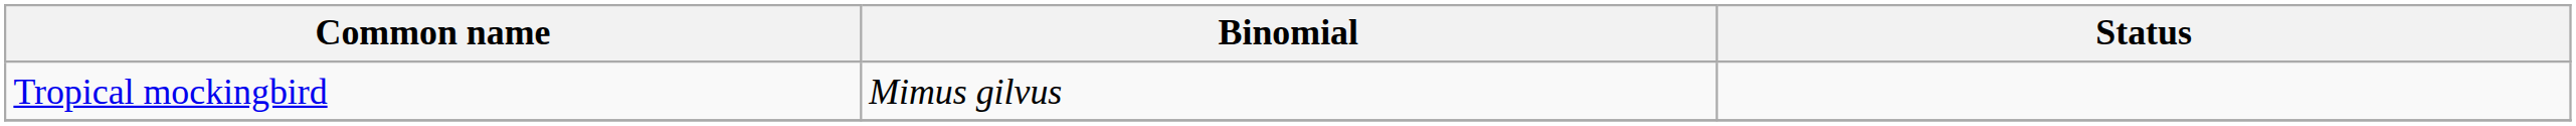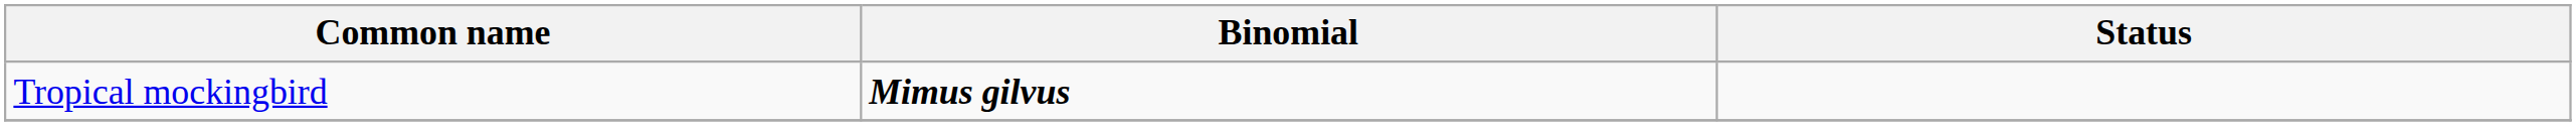 <table width=72% class="wikitable">
 <tr>
 <th width=24%>Common name</th>
 <th width=24%>Binomial</th>
 <th width=24%>Status</th>
 </tr>
 <tr>
 <td><a href='#'>Tropical mockingbird</a></td>
-<td><em>Mimus gilvus</em></td>
+<td><strong><em>Mimus gilvus</em></strong></td>
 <td></td>
 </tr>
 <tr>
 </tr>
 </table>
